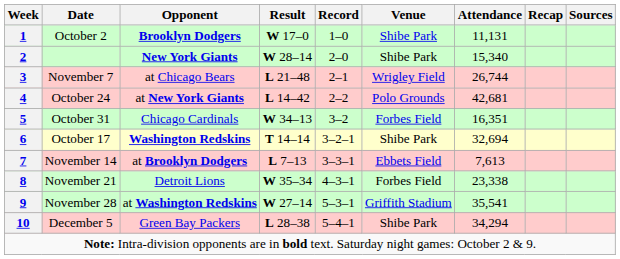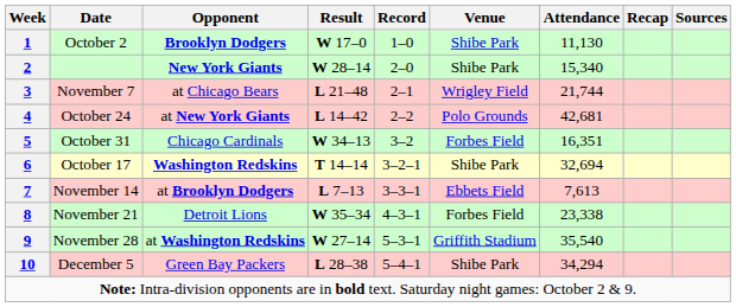 <table class="wikitable" style="text-align:center">
 <tr>
 <th>Week</th>
 <th>Date</th>
 <th>Opponent</th>
 <th>Result</th>
 <th>Record</th>
 <th>Venue</th>
 <th>Attendance</th>
 <th>Recap</th>
 <th>Sources</th>
 </tr>
 <tr style="background:#cfc">
 <th><a href='#'>1</a></th>
 <td>October 2</td>
 <td><strong><a href='#'>Brooklyn Dodgers</a></strong></td>
 <td><strong>W</strong> 17–0</td>
 <td>1–0</td>
 <td><a href='#'>Shibe Park</a></td>
-<td>11,131</td>
+<td>11,130</td>
 <td></td>
 <td></td>
 </tr>
 <tr style="background:#cfc">
 <th><a href='#'>2</a></th>
 <td></td>
 <td><strong><a href='#'>New York Giants</a></strong></td>
 <td><strong>W</strong> 28–14</td>
 <td>2–0</td>
 <td>Shibe Park</td>
 <td>15,340</td>
 <td></td>
 <td></td>
 </tr>
 <tr style="background:#fcc">
 <th><a href='#'>3</a></th>
 <td>November 7</td>
 <td>at <a href='#'>Chicago Bears</a></td>
 <td><strong>L</strong> 21–48</td>
 <td>2–1</td>
 <td><a href='#'>Wrigley Field</a></td>
-<td>26,744</td>
+<td>21,744</td>
 <td></td>
 <td></td>
 </tr>
 <tr style="background:#fcc">
 <th><a href='#'>4</a></th>
 <td>October 24</td>
 <td>at <strong><a href='#'>New York Giants</a></strong></td>
 <td><strong>L</strong> 14–42</td>
 <td>2–2</td>
 <td><a href='#'>Polo Grounds</a></td>
 <td>42,681</td>
 <td></td>
 <td></td>
 </tr>
 <tr style="background:#cfc">
 <th><a href='#'>5</a></th>
 <td>October 31</td>
 <td><a href='#'>Chicago Cardinals</a></td>
 <td><strong>W</strong> 34–13</td>
 <td>3–2</td>
 <td><a href='#'>Forbes Field</a></td>
 <td>16,351</td>
 <td></td>
 <td></td>
 </tr>
 <tr style="background:#ffc">
 <th><a href='#'>6</a></th>
 <td>October 17</td>
 <td><strong><a href='#'>Washington Redskins</a></strong></td>
 <td><strong>T</strong> 14–14</td>
 <td>3–2–1</td>
 <td>Shibe Park</td>
 <td>32,694</td>
 <td></td>
 <td></td>
 </tr>
 <tr style="background:#fcc">
 <th><a href='#'>7</a></th>
 <td>November 14</td>
 <td>at <strong><a href='#'>Brooklyn Dodgers</a></strong></td>
 <td><strong>L</strong> 7–13</td>
 <td>3–3–1</td>
 <td><a href='#'>Ebbets Field</a></td>
 <td>7,613</td>
 <td></td>
 <td></td>
 </tr>
 <tr style="background:#cfc">
 <th><a href='#'>8</a></th>
 <td>November 21</td>
 <td><a href='#'>Detroit Lions</a></td>
 <td><strong>W</strong> 35–34</td>
 <td>4–3–1</td>
 <td>Forbes Field</td>
 <td>23,338</td>
 <td></td>
 <td></td>
 </tr>
 <tr style="background:#cfc">
 <th><a href='#'>9</a></th>
 <td>November 28</td>
 <td>at <strong><a href='#'>Washington Redskins</a></strong></td>
 <td><strong>W</strong> 27–14</td>
 <td>5–3–1</td>
 <td><a href='#'>Griffith Stadium</a></td>
-<td>35,541</td>
+<td>35,540</td>
 <td></td>
 <td></td>
 </tr>
 <tr style="background:#fcc">
 <th><a href='#'>10</a></th>
 <td>December 5</td>
 <td><a href='#'>Green Bay Packers</a></td>
 <td><strong>L</strong> 28–38</td>
 <td>5–4–1</td>
 <td>Shibe Park</td>
 <td>34,294</td>
 <td></td>
 <td></td>
 </tr>
 <tr>
 <td colspan="10"><strong>Note:</strong> Intra-division opponents are in <strong>bold</strong> text. Saturday night games: October 2 & 9.</td>
 </tr>
 </table>
